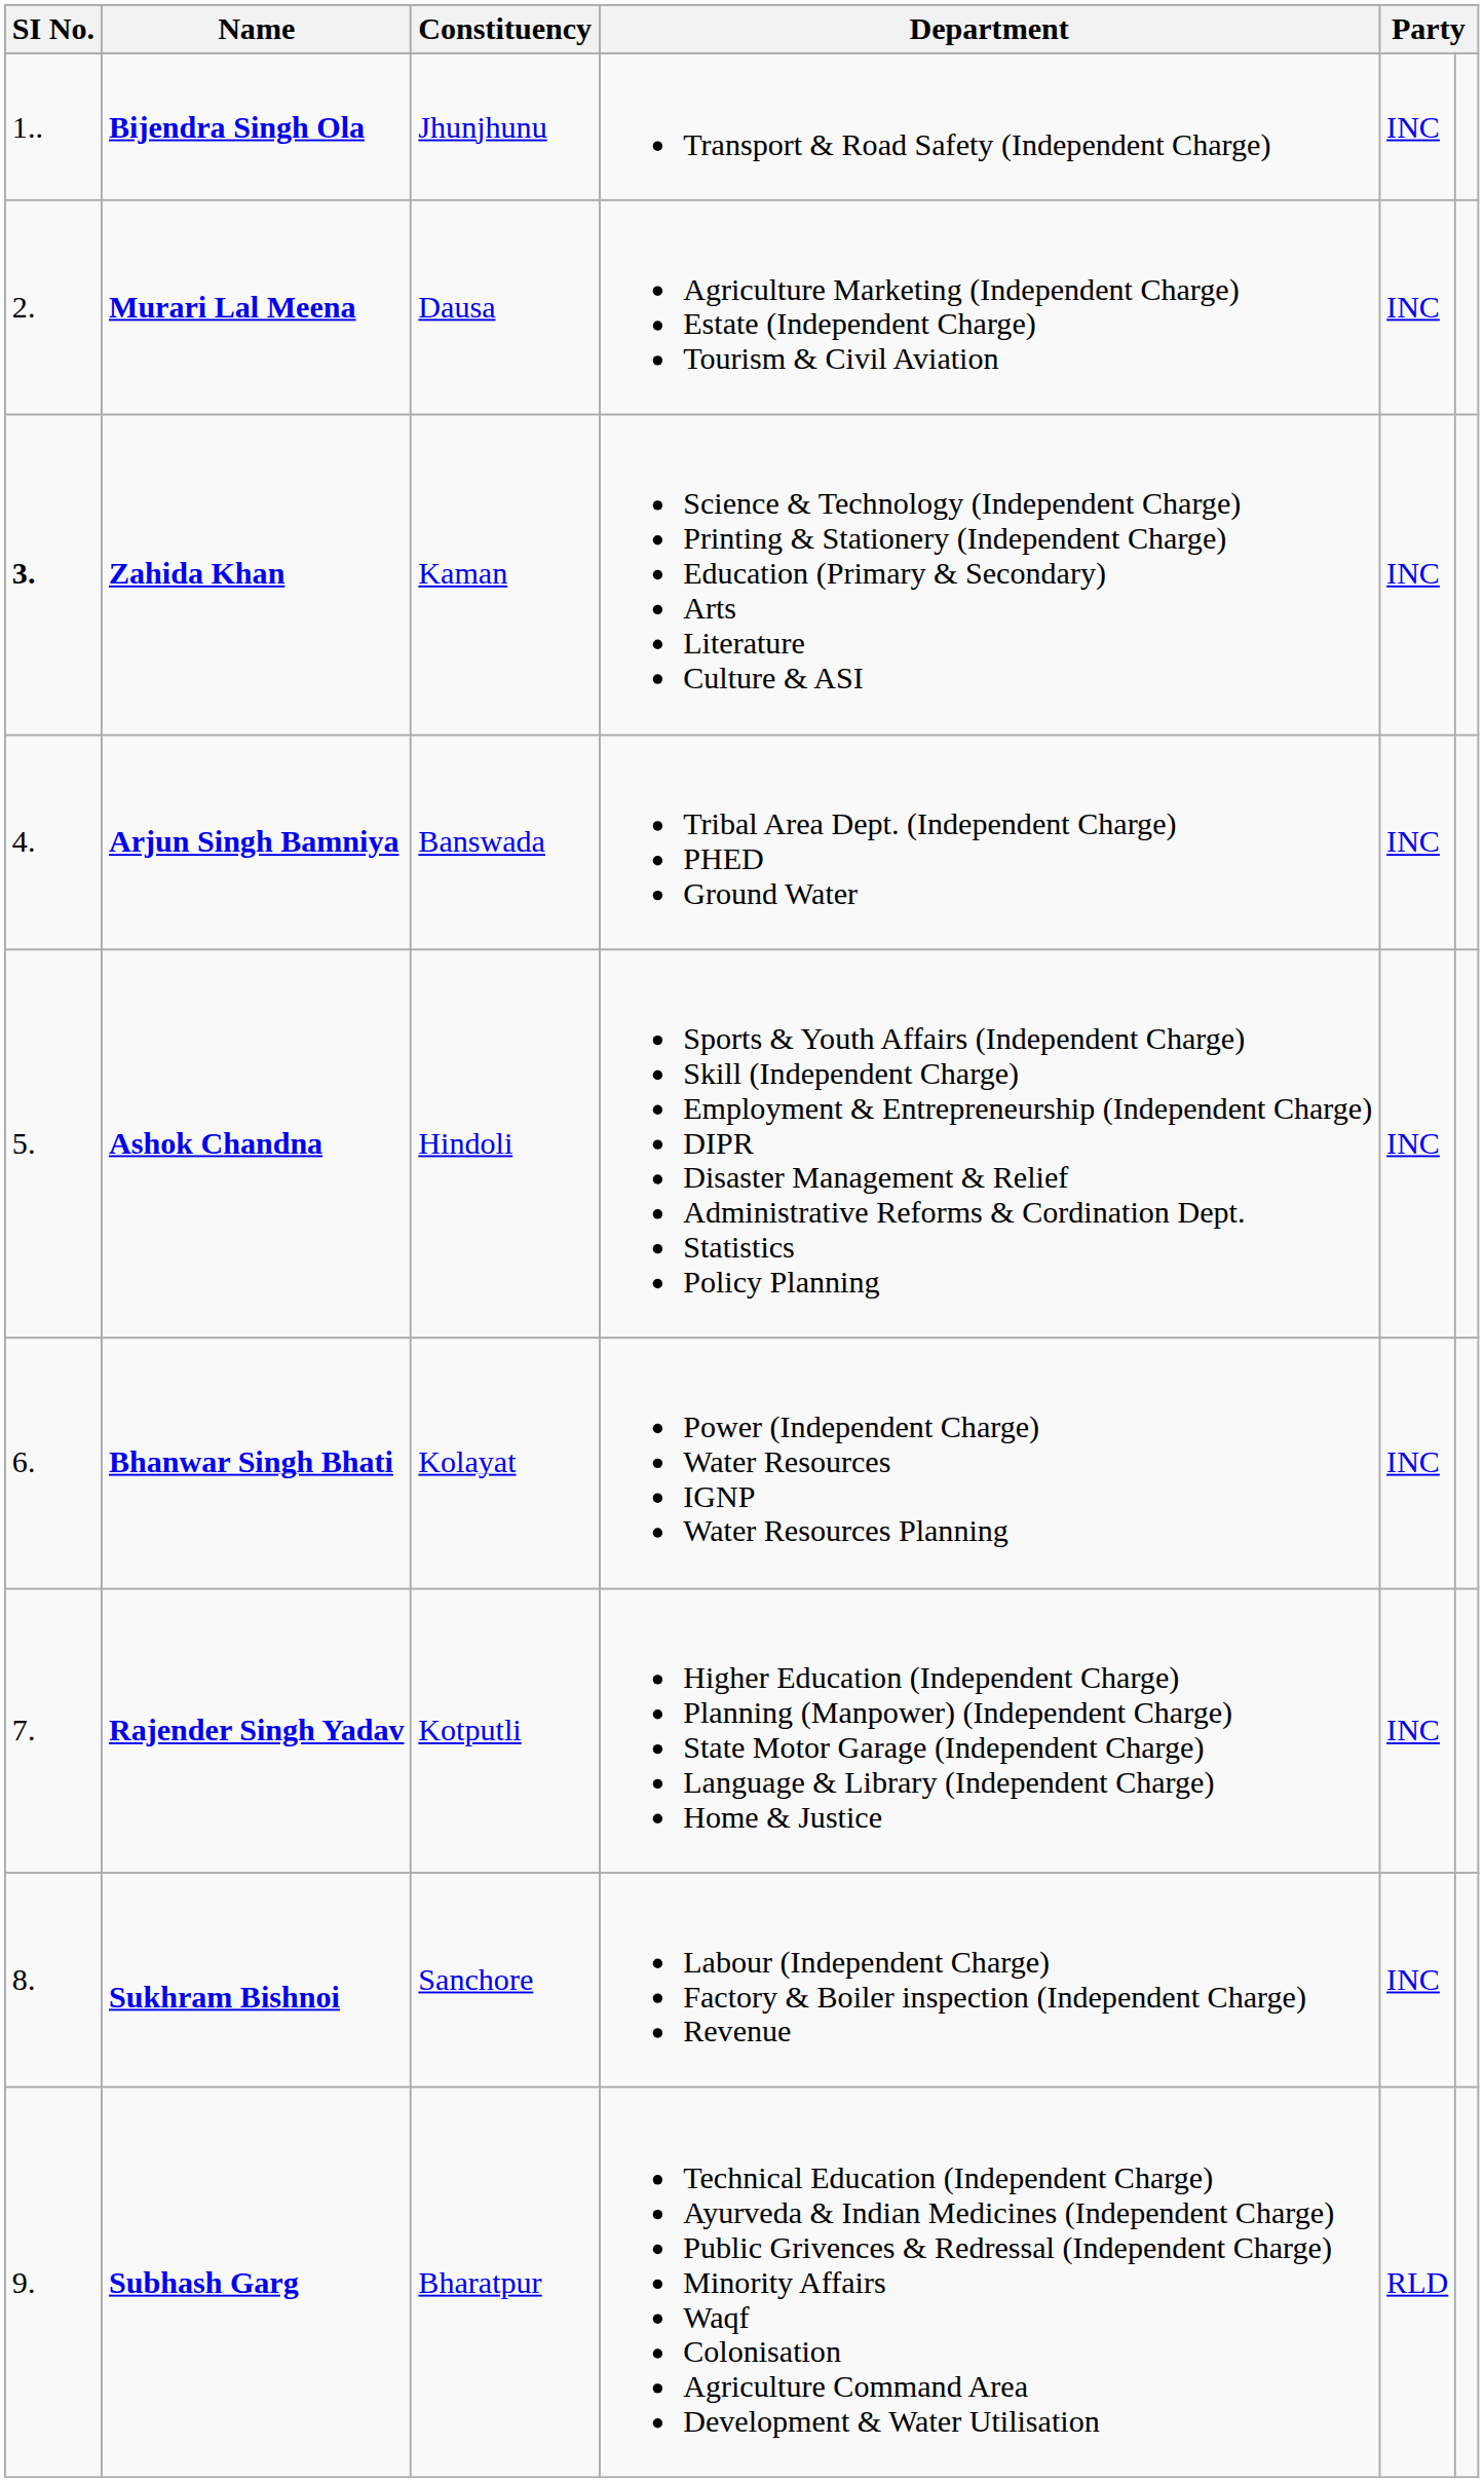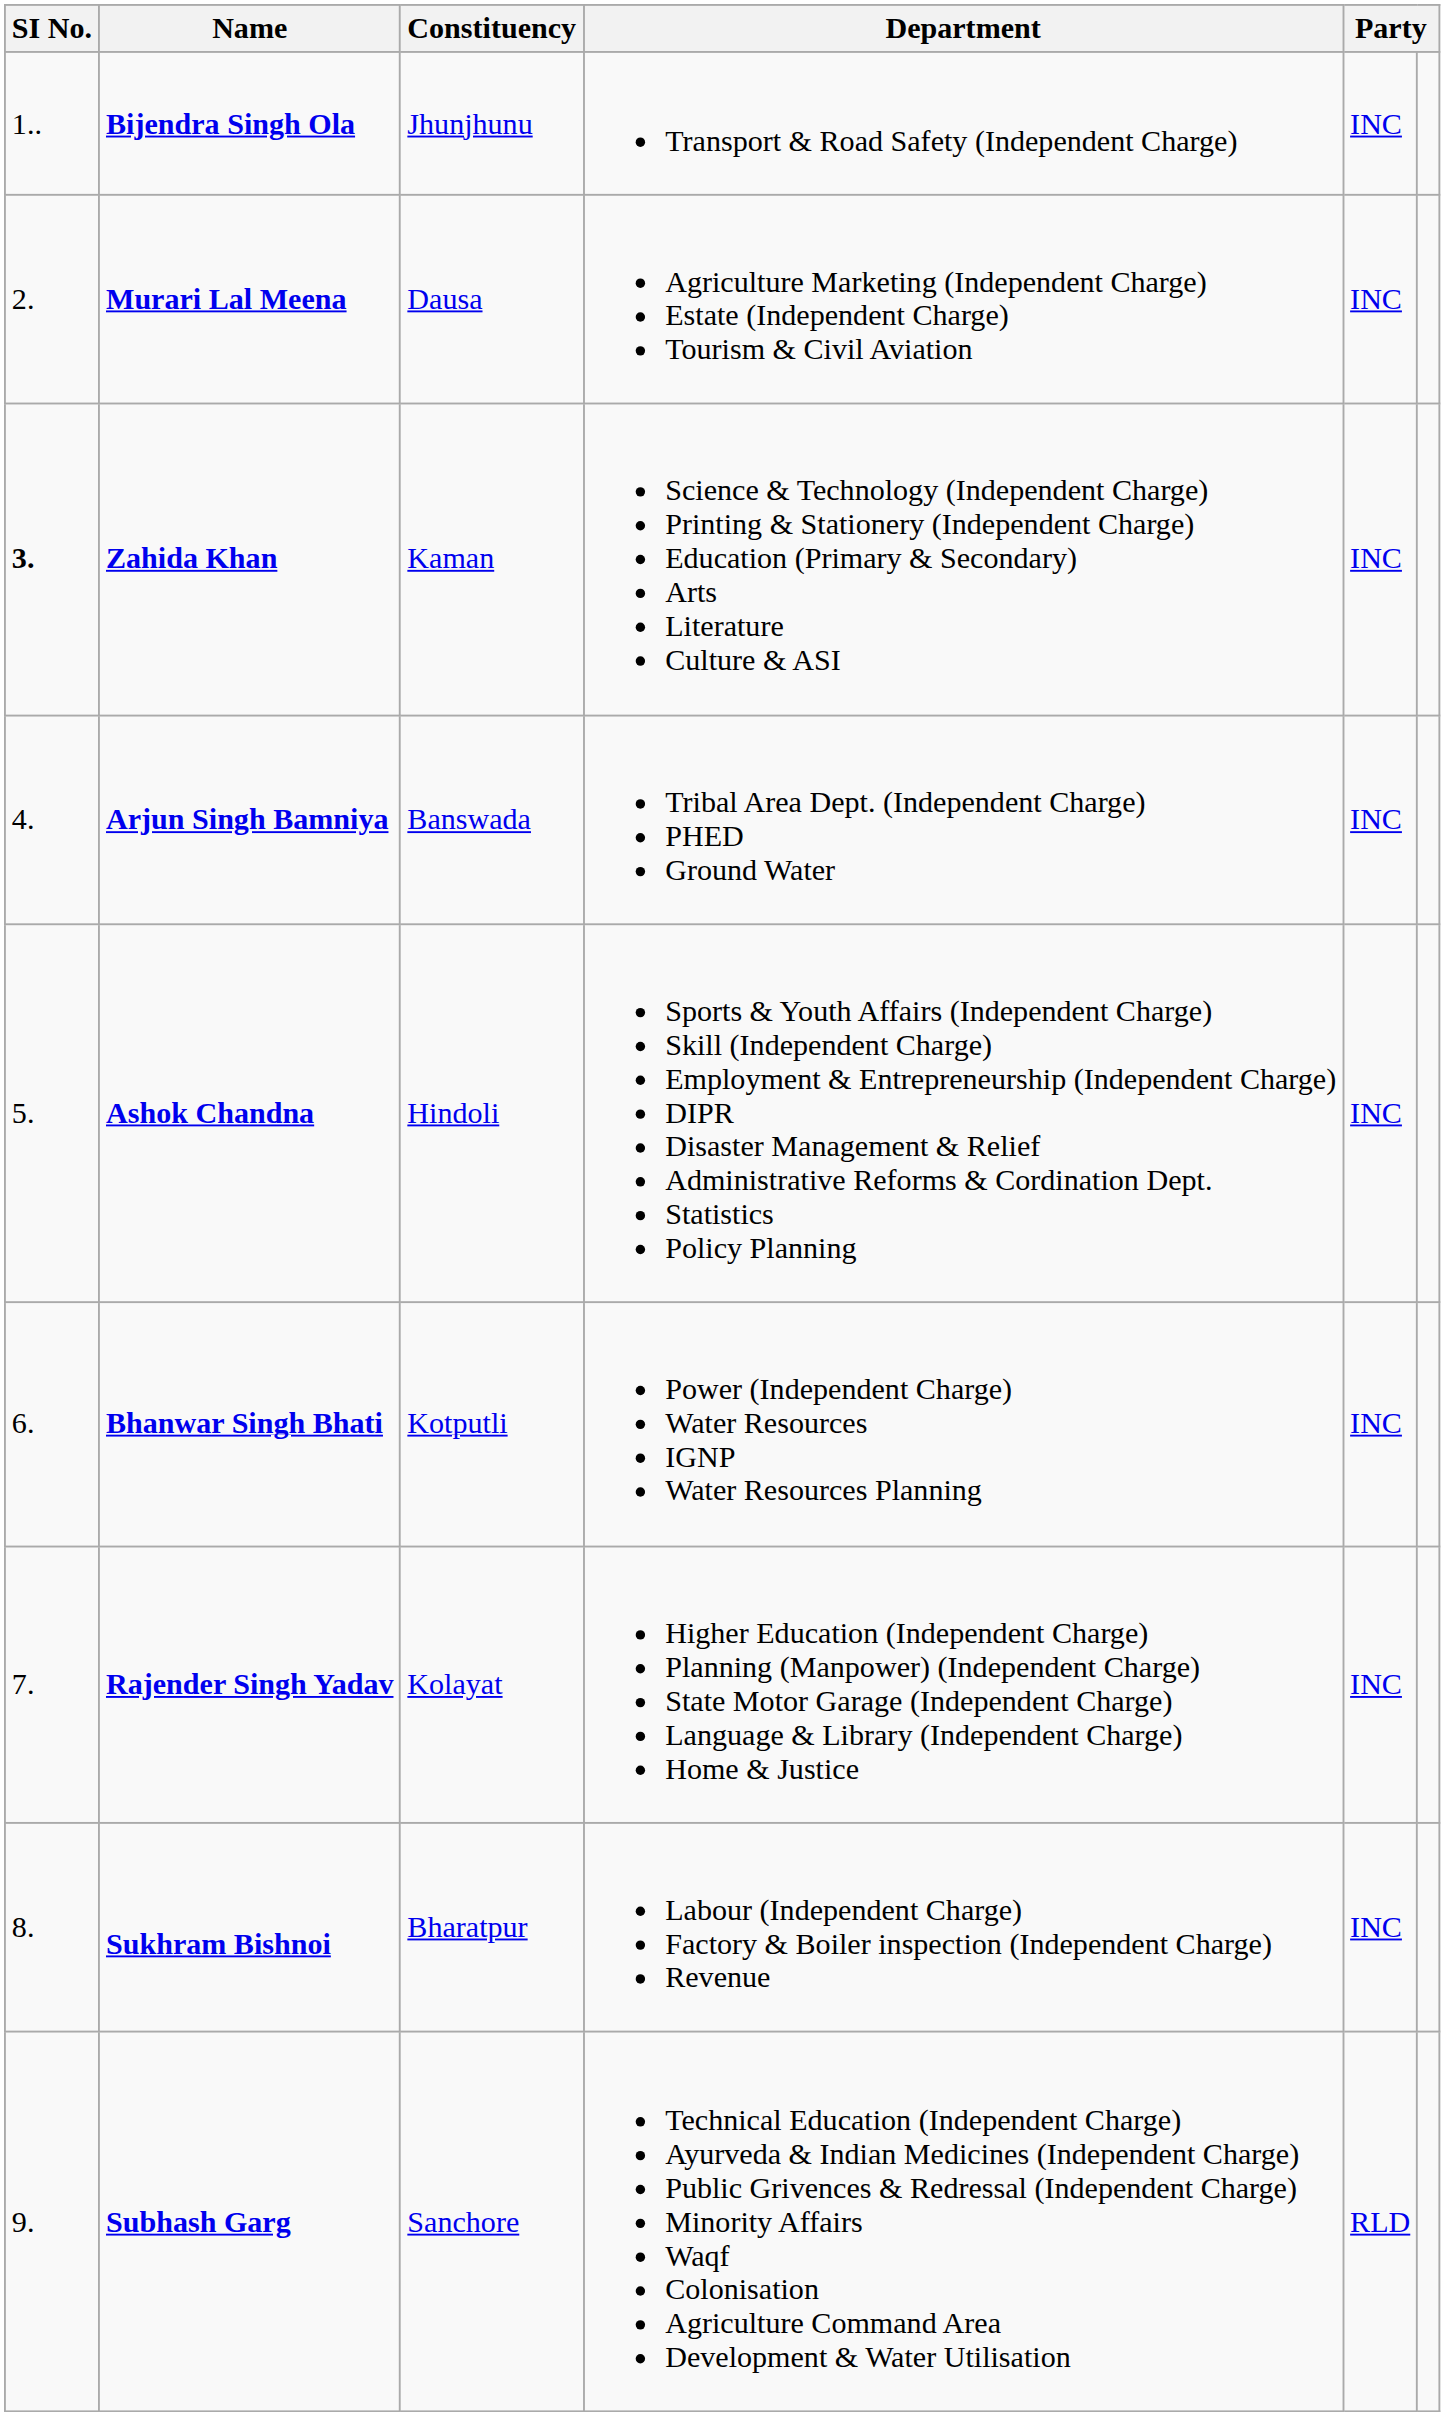 <table class="wikitable">
 <tr>
 <th>SI No.</th>
 <th>Name</th>
 <th>Constituency</th>
 <th>Department</th>
 <th colspan="2" scope="col">Party</th>
 </tr>
 <tr>
 <td>1..</td>
 <td><strong><a href='#'>Bijendra Singh Ola</a></strong></td>
 <td><a href='#'>Jhunjhunu</a></td>
 <td><br><ul><li>Transport & Road Safety (Independent Charge)</li></ul></td>
 <td><a href='#'>INC</a></td>
 <td width="4px" style="background-color: "></td>
 </tr>
 <tr>
 <td>2.</td>
 <td><strong><a href='#'>Murari Lal Meena</a></strong></td>
 <td><a href='#'>Dausa</a></td>
 <td><br><ul><li>Agriculture Marketing (Independent Charge)</li><li>Estate (Independent Charge)</li><li>Tourism & Civil Aviation</li></ul></td>
 <td><a href='#'>INC</a></td>
 <td width="4px" style="background-color: "></td>
 </tr>
 <tr>
 <td><strong>3.</strong></td>
 <td><strong><a href='#'>Zahida Khan</a></strong></td>
 <td><a href='#'>Kaman</a></td>
 <td><br><ul><li>Science & Technology (Independent Charge)</li><li>Printing & Stationery (Independent Charge)</li><li>Education (Primary & Secondary)</li><li>Arts</li><li>Literature</li><li>Culture & ASI</li></ul></td>
 <td><a href='#'>INC</a></td>
 <td width="4px" style="background-color: "></td>
 </tr>
 <tr>
 <td>4.</td>
 <td><strong><a href='#'>Arjun Singh Bamniya</a></strong></td>
 <td><a href='#'>Banswada</a></td>
 <td><br><ul><li>Tribal Area Dept. (Independent Charge)</li><li>PHED</li><li>Ground Water</li></ul></td>
 <td><a href='#'>INC</a></td>
 <td width="4px" style="background-color: "></td>
 </tr>
 <tr>
 <td>5.</td>
 <td><strong><a href='#'>Ashok Chandna</a></strong></td>
 <td><a href='#'>Hindoli</a></td>
 <td><br><ul><li>Sports & Youth Affairs (Independent Charge)</li><li>Skill (Independent Charge)</li><li>Employment & Entrepreneurship (Independent Charge)</li><li>DIPR</li><li>Disaster Management & Relief</li><li>Administrative Reforms & Cordination Dept.</li><li>Statistics</li><li>Policy Planning</li></ul></td>
 <td><a href='#'>INC</a></td>
 <td width="4px" style="background-color: "></td>
 </tr>
 <tr>
 <td>6.</td>
 <td><strong><a href='#'>Bhanwar Singh Bhati</a></strong></td>
-<td><a href='#'>Kolayat</a></td>
+<td><a href='#'>Kotputli</a></td>
 <td><br><ul><li>Power (Independent Charge)</li><li>Water Resources</li><li>IGNP</li><li>Water Resources Planning</li></ul></td>
 <td><a href='#'>INC</a></td>
 <td width="4px" style="background-color: "></td>
 </tr>
 <tr>
 <td>7.</td>
 <td><strong><a href='#'>Rajender Singh Yadav</a></strong></td>
-<td><a href='#'>Kotputli</a></td>
+<td><a href='#'>Kolayat</a></td>
 <td><br><ul><li>Higher Education (Independent Charge)</li><li>Planning (Manpower) (Independent Charge)</li><li>State Motor Garage (Independent Charge)</li><li>Language & Library (Independent Charge)</li><li>Home & Justice</li></ul></td>
 <td><a href='#'>INC</a></td>
 <td width="4px" style="background-color: "></td>
 </tr>
 <tr>
 <td>8.</td>
 <td><br><strong><a href='#'>Sukhram Bishnoi</a></strong></td>
-<td><a href='#'>Sanchore</a></td>
+<td><a href='#'>Bharatpur</a></td>
 <td><br><ul><li>Labour (Independent Charge)</li><li>Factory & Boiler inspection (Independent Charge)</li><li>Revenue</li></ul></td>
 <td><a href='#'>INC</a></td>
 <td width="4px" style="background-color: "></td>
 </tr>
 <tr>
 <td>9.</td>
 <td><strong><a href='#'>Subhash Garg</a></strong></td>
-<td><a href='#'>Bharatpur</a></td>
+<td><a href='#'>Sanchore</a></td>
 <td><br><ul><li>Technical Education (Independent Charge)</li><li>Ayurveda & Indian Medicines (Independent Charge)</li><li>Public Grivences & Redressal (Independent Charge)</li><li>Minority Affairs</li><li>Waqf</li><li>Colonisation</li><li>Agriculture Command Area</li><li>Development & Water Utilisation</li></ul></td>
 <td><a href='#'>RLD</a></td>
 <td width="4px" style="background-color: "></td>
 </tr>
 </table>
